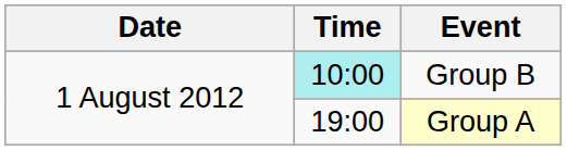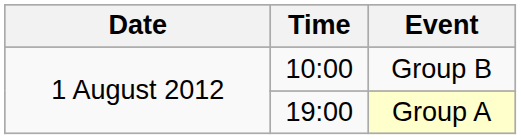 <table class = "wikitable" style="text-align:center;">
 <tr>
 <th width=150>Date</th>
 <th width=50>Time</th>
 <th width=80>Event</th>
 </tr>
 <tr>
 <td rowspan=2>1 August 2012</td>
-<td style="background: paleturquoise;">10:00</td>
+<td>10:00</td>
 <td>Group B</td>
 </tr>
 <tr>
 <td>19:00</td>
 <td bgcolor=ffffcc>Group A</td>
 </tr>
 </table>
